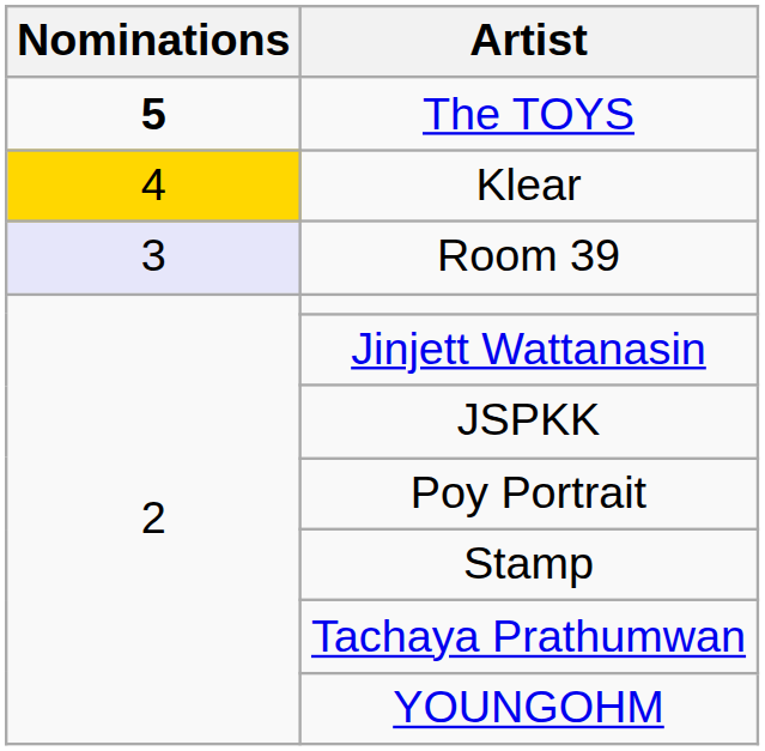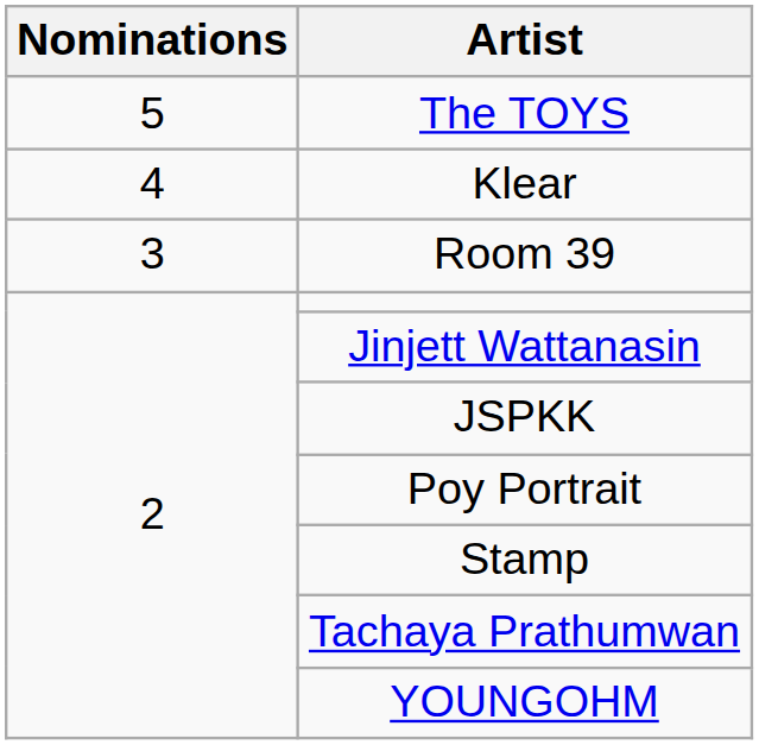 <table class="wikitable plainrowheaders" style="text-align:center;">
 <tr>
 <th scope="col" style="width:55px;">Nominations</th>
 <th scope="col" style="text-align:center;">Artist</th>
 </tr>
 <tr>
-<td scope=row style="text-align:center"><strong>5</strong></td>
+<td scope=row style="text-align:center">5</td>
 <td><a href='#'>The TOYS</a></td>
 </tr>
 <tr>
-<td scope=row style="background: gold; text-align:center">4</td>
+<td scope=row style="text-align:center">4</td>
 <td>Klear</td>
 </tr>
 <tr>
-<td scope=row style="background: lavender; text-align:center">3</td>
+<td scope=row style="text-align:center">3</td>
 <td>Room 39</td>
 </tr>
 <tr>
 <td scope=row rowspan="7" style="text-align:center">2</td>
 <td></td>
 </tr>
 <tr>
 <td><a href='#'>Jinjett Wattanasin</a></td>
 </tr>
 <tr>
 <td>JSPKK</td>
 </tr>
 <tr>
 <td>Poy Portrait</td>
 </tr>
 <tr>
 <td>Stamp</td>
 </tr>
 <tr>
 <td><a href='#'>Tachaya Prathumwan</a></td>
 </tr>
 <tr>
 <td><a href='#'>YOUNGOHM</a></td>
 </tr>
 </table>
